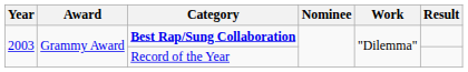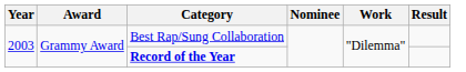 <table class="wikitable">
 <tr>
 <th scope="col">Year</th>
 <th scope="col">Award</th>
 <th scope="col">Category</th>
 <th scope="col">Nominee</th>
 <th scope="col">Work</th>
 <th scope="col">Result</th>
 </tr>
 <tr>
 <td rowspan="2"><a href='#'>2003</a></td>
 <td rowspan="2"><a href='#'>Grammy Award</a></td>
-<td><strong><a href='#'>Best Rap/Sung Collaboration</a></strong></td>
+<td><a href='#'>Best Rap/Sung Collaboration</a></td>
 <td rowspan="2"></td>
 <td rowspan="2">"Dilemma"</td>
 <td></td>
 </tr>
 <tr>
-<td><a href='#'>Record of the Year</a></td>
+<td><strong><a href='#'>Record of the Year</a></strong></td>
 <td></td>
 </tr>
 </table>
